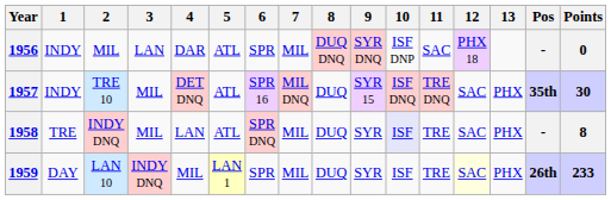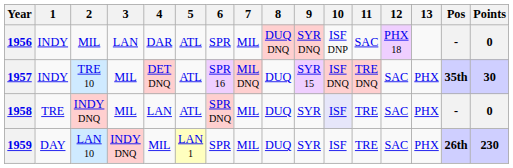 <table class="wikitable" style="text-align:center; font-size:90%">
 <tr>
 <th>Year</th>
 <th>1</th>
 <th>2</th>
 <th>3</th>
 <th>4</th>
 <th>5</th>
 <th>6</th>
 <th>7</th>
 <th>8</th>
 <th>9</th>
 <th>10</th>
 <th>11</th>
 <th>12</th>
 <th>13</th>
 <th>Pos</th>
 <th>Points</th>
 </tr>
 <tr>
 <th rowspan=1><a href='#'>1956</a></th>
 <td><a href='#'>INDY</a><br><small> </small></td>
 <td><a href='#'>MIL</a></td>
 <td><a href='#'>LAN</a></td>
 <td><a href='#'>DAR</a></td>
 <td><a href='#'>ATL</a></td>
 <td><a href='#'>SPR</a></td>
 <td><a href='#'>MIL</a></td>
 <td style="background:#FFCFCF;"><a href='#'>DUQ</a><br><small>DNQ</small></td>
 <td style="background:#FFCFCF;"><a href='#'>SYR</a><br><small>DNQ</small></td>
 <td><a href='#'>ISF</a><br><small>DNP</small></td>
 <td><a href='#'>SAC</a><br><small> </small></td>
 <td style="background:#EFCFFF;"><a href='#'>PHX</a><br><small>18</small></td>
 <td colspan=1></td>
 <th>-</th>
 <th>0</th>
 </tr>
 <tr>
 <th rowspan=1><a href='#'>1957</a></th>
 <td><a href='#'>INDY</a><br><small> </small></td>
 <td style="background:#cfeaff;"><a href='#'>TRE</a><br><small>10</small></td>
 <td><a href='#'>MIL</a><br><small> </small></td>
 <td style="background:#FFCFCF;"><a href='#'>DET</a><br><small>DNQ</small></td>
 <td><a href='#'>ATL</a></td>
 <td style="background:#EFCFFF;"><a href='#'>SPR</a><br><small>16</small></td>
 <td style="background:#FFCFCF;"><a href='#'>MIL</a><br><small>DNQ</small></td>
 <td><a href='#'>DUQ</a><br><small> </small></td>
 <td style="background:#EFCFFF;"><a href='#'>SYR</a><br><small>15</small></td>
 <td style="background:#FFCFCF;"><a href='#'>ISF</a><br><small>DNQ</small></td>
 <td style="background:#FFCFCF;"><a href='#'>TRE</a><br><small>DNQ</small></td>
 <td><a href='#'>SAC</a><br><small> </small></td>
 <td><a href='#'>PHX</a><br><small> </small></td>
 <th style="background:#CFCFFF;">35th</th>
 <th style="background:#CFCFFF;">30</th>
 </tr>
 <tr>
 <th rowspan=1><a href='#'>1958</a></th>
 <td><a href='#'>TRE</a><br><small> </small></td>
 <td style="background:#FFCFCF;"><a href='#'>INDY</a><br><small>DNQ</small></td>
 <td><a href='#'>MIL</a><br><small> </small></td>
 <td><a href='#'>LAN</a><br><small> </small></td>
 <td><a href='#'>ATL</a><br><small> </small></td>
 <td style="background:#FFCFCF;"><a href='#'>SPR</a><br><small>DNQ</small></td>
 <td><a href='#'>MIL</a><br><small> </small></td>
 <td><a href='#'>DUQ</a><br><small> </small></td>
 <td><a href='#'>SYR</a><br><small> </small></td>
 <td style="background: lavender;"><a href='#'>ISF</a><br><small> </small></td>
 <td><a href='#'>TRE</a><br><small> </small></td>
 <td><a href='#'>SAC</a><br><small> </small></td>
 <td><a href='#'>PHX</a><br><small> </small></td>
 <th>-</th>
-<th>8</th>
+<th>0</th>
 </tr>
 <tr>
 <th rowspan=1><a href='#'>1959</a></th>
 <td><a href='#'>DAY</a><br><small> </small></td>
 <td style="background:#CFEAFF;"><a href='#'>LAN</a><br><small>10</small></td>
 <td style="background:#ffcfcf;"><a href='#'>INDY</a><br><small>DNQ</small></td>
 <td><a href='#'>MIL</a><br><small> </small></td>
 <td style="background:#ffffbf;"><a href='#'>LAN</a><br><small>1</small></td>
 <td><a href='#'>SPR</a><br><small> </small></td>
 <td><a href='#'>MIL</a><br><small> </small></td>
 <td><a href='#'>DUQ</a><br><small> </small></td>
 <td><a href='#'>SYR</a><br><small> </small></td>
 <td><a href='#'>ISF</a><br><small> </small></td>
 <td><a href='#'>TRE</a><br><small> </small></td>
-<td style="background: lightyellow;"><a href='#'>SAC</a><br><small> </small></td>
+<td><a href='#'>SAC</a><br><small> </small></td>
 <td><a href='#'>PHX</a><br><small> </small></td>
 <th style="background:#CFCFFF;">26th</th>
-<th style="background:#CFCFFF;">233</th>
+<th style="background:#CFCFFF;">230</th>
 </tr>
 </table>
